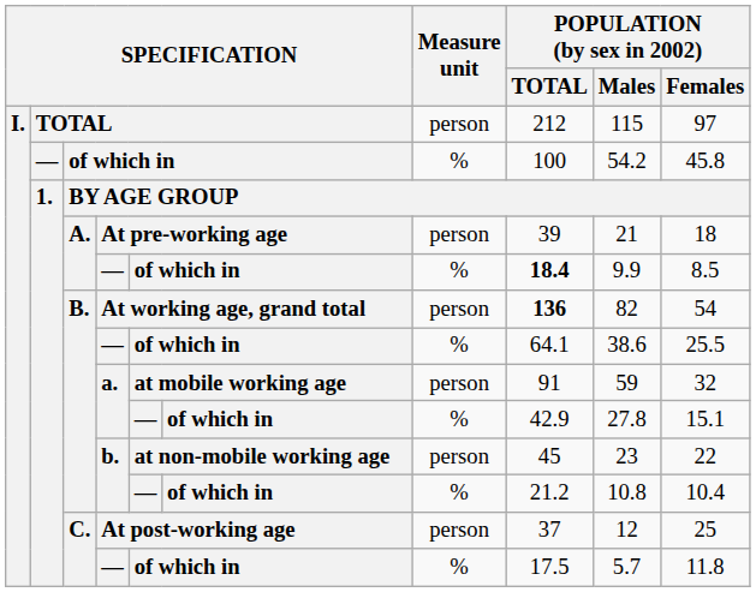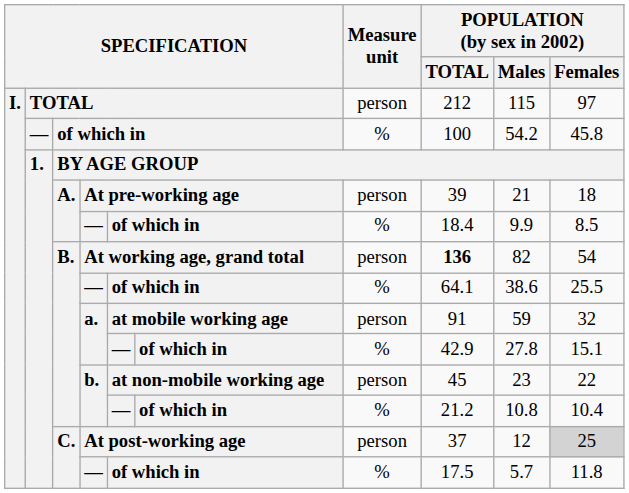 <table class="wikitable" style="font-size:85%; text-align:center">
 <tr>
 <th rowspan="2" colspan="6">SPECIFICATION</th>
 <th rowspan="2">Measure<br> unit</th>
 <th colspan="3" rowspan="1">POPULATION<br> (by sex in 2002)</th>
 </tr>
 <tr>
 <th>TOTAL</th>
 <th>Males</th>
 <th>Females</th>
 </tr>
 <tr>
 <th style="text-align:left" valign="top" rowspan="13">I.</th>
 <th style="text-align:left" colspan="5">TOTAL</th>
 <td>person</td>
 <td>212</td>
 <td>115</td>
 <td>97</td>
 </tr>
 <tr>
 <th style="text-align:left" valign="top">—</th>
 <th style="text-align:left" colspan="4">of which in</th>
 <td>%</td>
 <td>100</td>
 <td>54.2</td>
 <td>45.8</td>
 </tr>
 <tr>
 <th style="text-align:left" valign="top" rowspan="11">1.</th>
 <th style="text-align:left" colspan="19">BY AGE GROUP</th>
 </tr>
 <tr>
 <th style="text-align:left" valign="top" rowspan="2">A.</th>
 <th style="text-align:left" colspan="3">At pre-working age</th>
 <td>person</td>
 <td>39</td>
 <td>21</td>
 <td>18</td>
 </tr>
 <tr>
 <th style="text-align:left" valign="top">—</th>
 <th style="text-align:left" valign="top" colspan="2">of which in</th>
 <td>%</td>
-<td><strong>18.4</strong></td>
+<td>18.4</td>
 <td>9.9</td>
 <td>8.5</td>
 </tr>
 <tr>
 <th style="text-align:left" valign="top" rowspan="6">B.</th>
 <th style="text-align:left" colspan="3">At working age, grand total</th>
 <td>person</td>
 <td><strong>136</strong></td>
 <td>82</td>
 <td>54</td>
 </tr>
 <tr>
 <th style="text-align:left" valign="top">—</th>
 <th style="text-align:left" valign="top" colspan="2">of which in</th>
 <td>%</td>
 <td>64.1</td>
 <td>38.6</td>
 <td>25.5</td>
 </tr>
 <tr>
 <th style="text-align:left" valign="top" rowspan="2">a.</th>
 <th style="text-align:left" colspan="2">at mobile working age</th>
 <td>person</td>
 <td>91</td>
 <td>59</td>
 <td>32</td>
 </tr>
 <tr>
 <th style="text-align:left" valign="top">—</th>
 <th style="text-align:left" valign="top" colspan="1">of which in                        </th>
 <td>%</td>
 <td>42.9</td>
 <td>27.8</td>
 <td>15.1</td>
 </tr>
 <tr>
 <th style="text-align:left" valign="top" rowspan="2">b.</th>
 <th style="text-align:left" colspan="2">at non-mobile working age</th>
 <td>person</td>
 <td>45</td>
 <td>23</td>
 <td>22</td>
 </tr>
 <tr>
 <th style="text-align:left" valign="top">—</th>
 <th style="text-align:left" valign="top" colspan="1">of which in                        </th>
 <td>%</td>
 <td>21.2</td>
 <td>10.8</td>
 <td>10.4</td>
 </tr>
 <tr>
 <th style="text-align:left" valign="top" rowspan="2">C.</th>
 <th style="text-align:left" colspan="3">At post-working age</th>
 <td>person</td>
 <td>37</td>
 <td>12</td>
-<td>25</td>
+<td style="background: lightgrey;">25</td>
 </tr>
 <tr>
 <th style="text-align:left" valign="top">—</th>
 <th style="text-align:left" valign="top" colspan="2">of which in</th>
 <td>%</td>
 <td>17.5</td>
 <td>5.7</td>
 <td>11.8</td>
 </tr>
 </table>
